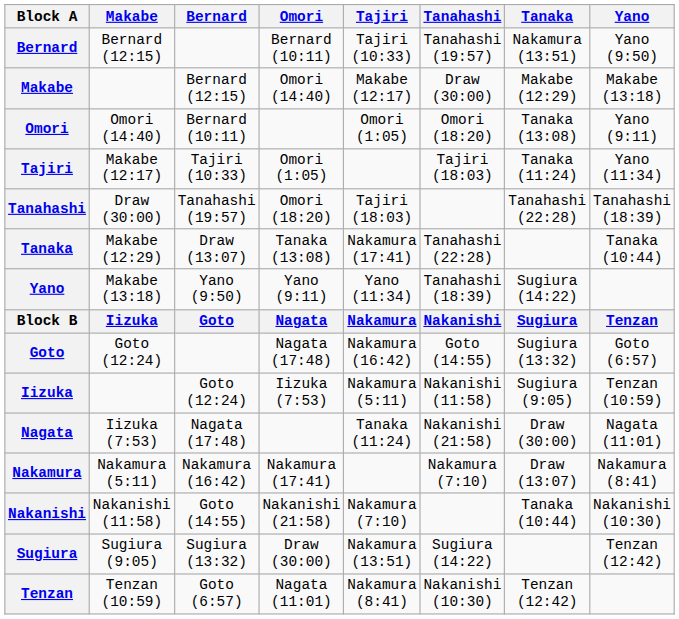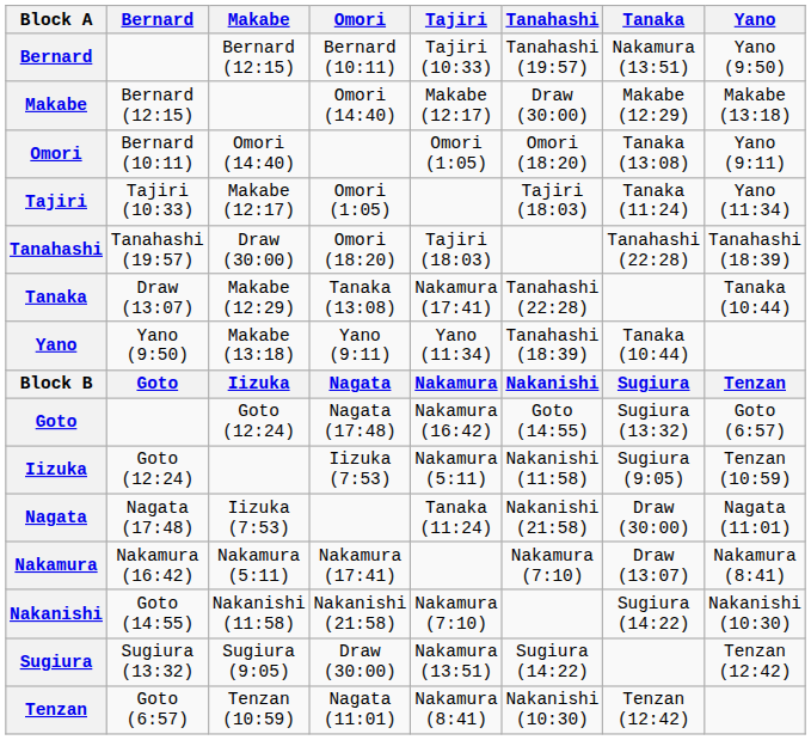 <table class="wikitable" style="margin: 1em auto 1em auto">
 <tr align="center">
 <th>Block A</th>
+<th><a href='#'>Bernard</a></th>
 <th><a href='#'>Makabe</a></th>
-<th><a href='#'>Bernard</a></th>
 <th><a href='#'>Omori</a></th>
 <th><a href='#'>Tajiri</a></th>
 <th><a href='#'>Tanahashi</a></th>
 <th><a href='#'>Tanaka</a></th>
 <th><a href='#'>Yano</a></th>
 </tr>
 <tr align="center">
 <th><a href='#'>Bernard</a></th>
+<td></td>
 <td>Bernard<br>(12:15)</td>
-<td></td>
 <td>Bernard<br>(10:11)</td>
 <td>Tajiri<br>(10:33)</td>
 <td>Tanahashi<br>(19:57)</td>
 <td>Nakamura<br>(13:51)</td>
 <td>Yano<br>(9:50)</td>
 </tr>
 <tr align="center">
 <th><a href='#'>Makabe</a></th>
+<td>Bernard<br>(12:15)</td>
 <td></td>
-<td>Bernard<br>(12:15)</td>
 <td>Omori<br>(14:40)</td>
 <td>Makabe<br>(12:17)</td>
 <td>Draw<br>(30:00)</td>
 <td>Makabe<br>(12:29)</td>
 <td>Makabe<br>(13:18)</td>
 </tr>
 <tr align="center">
 <th><a href='#'>Omori</a></th>
+<td>Bernard<br>(10:11)</td>
 <td>Omori<br>(14:40)</td>
-<td>Bernard<br>(10:11)</td>
 <td></td>
 <td>Omori<br>(1:05)</td>
 <td>Omori<br>(18:20)</td>
 <td>Tanaka<br>(13:08)</td>
 <td>Yano<br>(9:11)</td>
 </tr>
 <tr align="center">
 <th><a href='#'>Tajiri</a></th>
+<td>Tajiri<br>(10:33)</td>
 <td>Makabe<br>(12:17)</td>
-<td>Tajiri<br>(10:33)</td>
 <td>Omori<br>(1:05)</td>
 <td></td>
 <td>Tajiri<br>(18:03)</td>
 <td>Tanaka<br>(11:24)</td>
 <td>Yano<br>(11:34)</td>
 </tr>
 <tr align="center">
 <th><a href='#'>Tanahashi</a></th>
+<td>Tanahashi<br>(19:57)</td>
 <td>Draw<br>(30:00)</td>
-<td>Tanahashi<br>(19:57)</td>
 <td>Omori<br>(18:20)</td>
 <td>Tajiri<br>(18:03)</td>
 <td></td>
 <td>Tanahashi<br>(22:28)</td>
 <td>Tanahashi<br>(18:39)</td>
 </tr>
 <tr align="center">
 <th><a href='#'>Tanaka</a></th>
+<td>Draw<br>(13:07)</td>
 <td>Makabe<br>(12:29)</td>
-<td>Draw<br>(13:07)</td>
 <td>Tanaka<br>(13:08)</td>
 <td>Nakamura<br>(17:41)</td>
 <td>Tanahashi<br>(22:28)</td>
 <td></td>
 <td>Tanaka<br>(10:44)</td>
 </tr>
 <tr align="center">
 <th><a href='#'>Yano</a></th>
+<td>Yano<br>(9:50)</td>
 <td>Makabe<br>(13:18)</td>
-<td>Yano<br>(9:50)</td>
 <td>Yano<br>(9:11)</td>
 <td>Yano<br>(11:34)</td>
 <td>Tanahashi<br>(18:39)</td>
-<td>Sugiura<br>(14:22)</td>
+<td>Tanaka<br>(10:44)</td>
 <td></td>
 </tr>
 <tr align="center">
 <th>Block B</th>
+<th><a href='#'>Goto</a></th>
 <th><a href='#'>Iizuka</a></th>
-<th><a href='#'>Goto</a></th>
 <th><a href='#'>Nagata</a></th>
 <th><a href='#'>Nakamura</a></th>
 <th><a href='#'>Nakanishi</a></th>
 <th><a href='#'>Sugiura</a></th>
 <th><a href='#'>Tenzan</a></th>
 </tr>
 <tr align="center">
 <th><a href='#'>Goto</a></th>
+<td></td>
 <td>Goto<br>(12:24)</td>
-<td></td>
 <td>Nagata<br>(17:48)</td>
 <td>Nakamura<br>(16:42)</td>
 <td>Goto<br>(14:55)</td>
 <td>Sugiura<br>(13:32)</td>
 <td>Goto<br>(6:57)</td>
 </tr>
 <tr align="center">
 <th><a href='#'>Iizuka</a></th>
+<td>Goto<br>(12:24)</td>
 <td></td>
-<td>Goto<br>(12:24)</td>
 <td>Iizuka<br>(7:53)</td>
 <td>Nakamura<br>(5:11)</td>
 <td>Nakanishi<br>(11:58)</td>
 <td>Sugiura<br>(9:05)</td>
 <td>Tenzan<br>(10:59)</td>
 </tr>
 <tr align="center">
 <th><a href='#'>Nagata</a></th>
+<td>Nagata<br>(17:48)</td>
 <td>Iizuka<br>(7:53)</td>
-<td>Nagata<br>(17:48)</td>
 <td></td>
 <td>Tanaka<br>(11:24)</td>
 <td>Nakanishi<br>(21:58)</td>
 <td>Draw<br>(30:00)</td>
 <td>Nagata<br>(11:01)</td>
 </tr>
 <tr align="center">
 <th><a href='#'>Nakamura</a></th>
+<td>Nakamura<br>(16:42)</td>
 <td>Nakamura<br>(5:11)</td>
-<td>Nakamura<br>(16:42)</td>
 <td>Nakamura<br>(17:41)</td>
 <td></td>
 <td>Nakamura<br>(7:10)</td>
 <td>Draw<br>(13:07)</td>
 <td>Nakamura<br>(8:41)</td>
 </tr>
 <tr align="center">
 <th><a href='#'>Nakanishi</a></th>
+<td>Goto<br>(14:55)</td>
 <td>Nakanishi<br>(11:58)</td>
-<td>Goto<br>(14:55)</td>
 <td>Nakanishi<br>(21:58)</td>
 <td>Nakamura<br>(7:10)</td>
 <td></td>
-<td>Tanaka<br>(10:44)</td>
+<td>Sugiura<br>(14:22)</td>
 <td>Nakanishi<br>(10:30)</td>
 </tr>
 <tr align="center">
 <th><a href='#'>Sugiura</a></th>
+<td>Sugiura<br>(13:32)</td>
 <td>Sugiura<br>(9:05)</td>
-<td>Sugiura<br>(13:32)</td>
 <td>Draw<br>(30:00)</td>
 <td>Nakamura<br>(13:51)</td>
 <td>Sugiura<br>(14:22)</td>
 <td></td>
 <td>Tenzan<br>(12:42)</td>
 </tr>
 <tr align="center">
 <th><a href='#'>Tenzan</a></th>
+<td>Goto<br>(6:57)</td>
 <td>Tenzan<br>(10:59)</td>
-<td>Goto<br>(6:57)</td>
 <td>Nagata<br>(11:01)</td>
 <td>Nakamura<br>(8:41)</td>
 <td>Nakanishi<br>(10:30)</td>
 <td>Tenzan<br>(12:42)</td>
 <td></td>
 </tr>
 </table>
